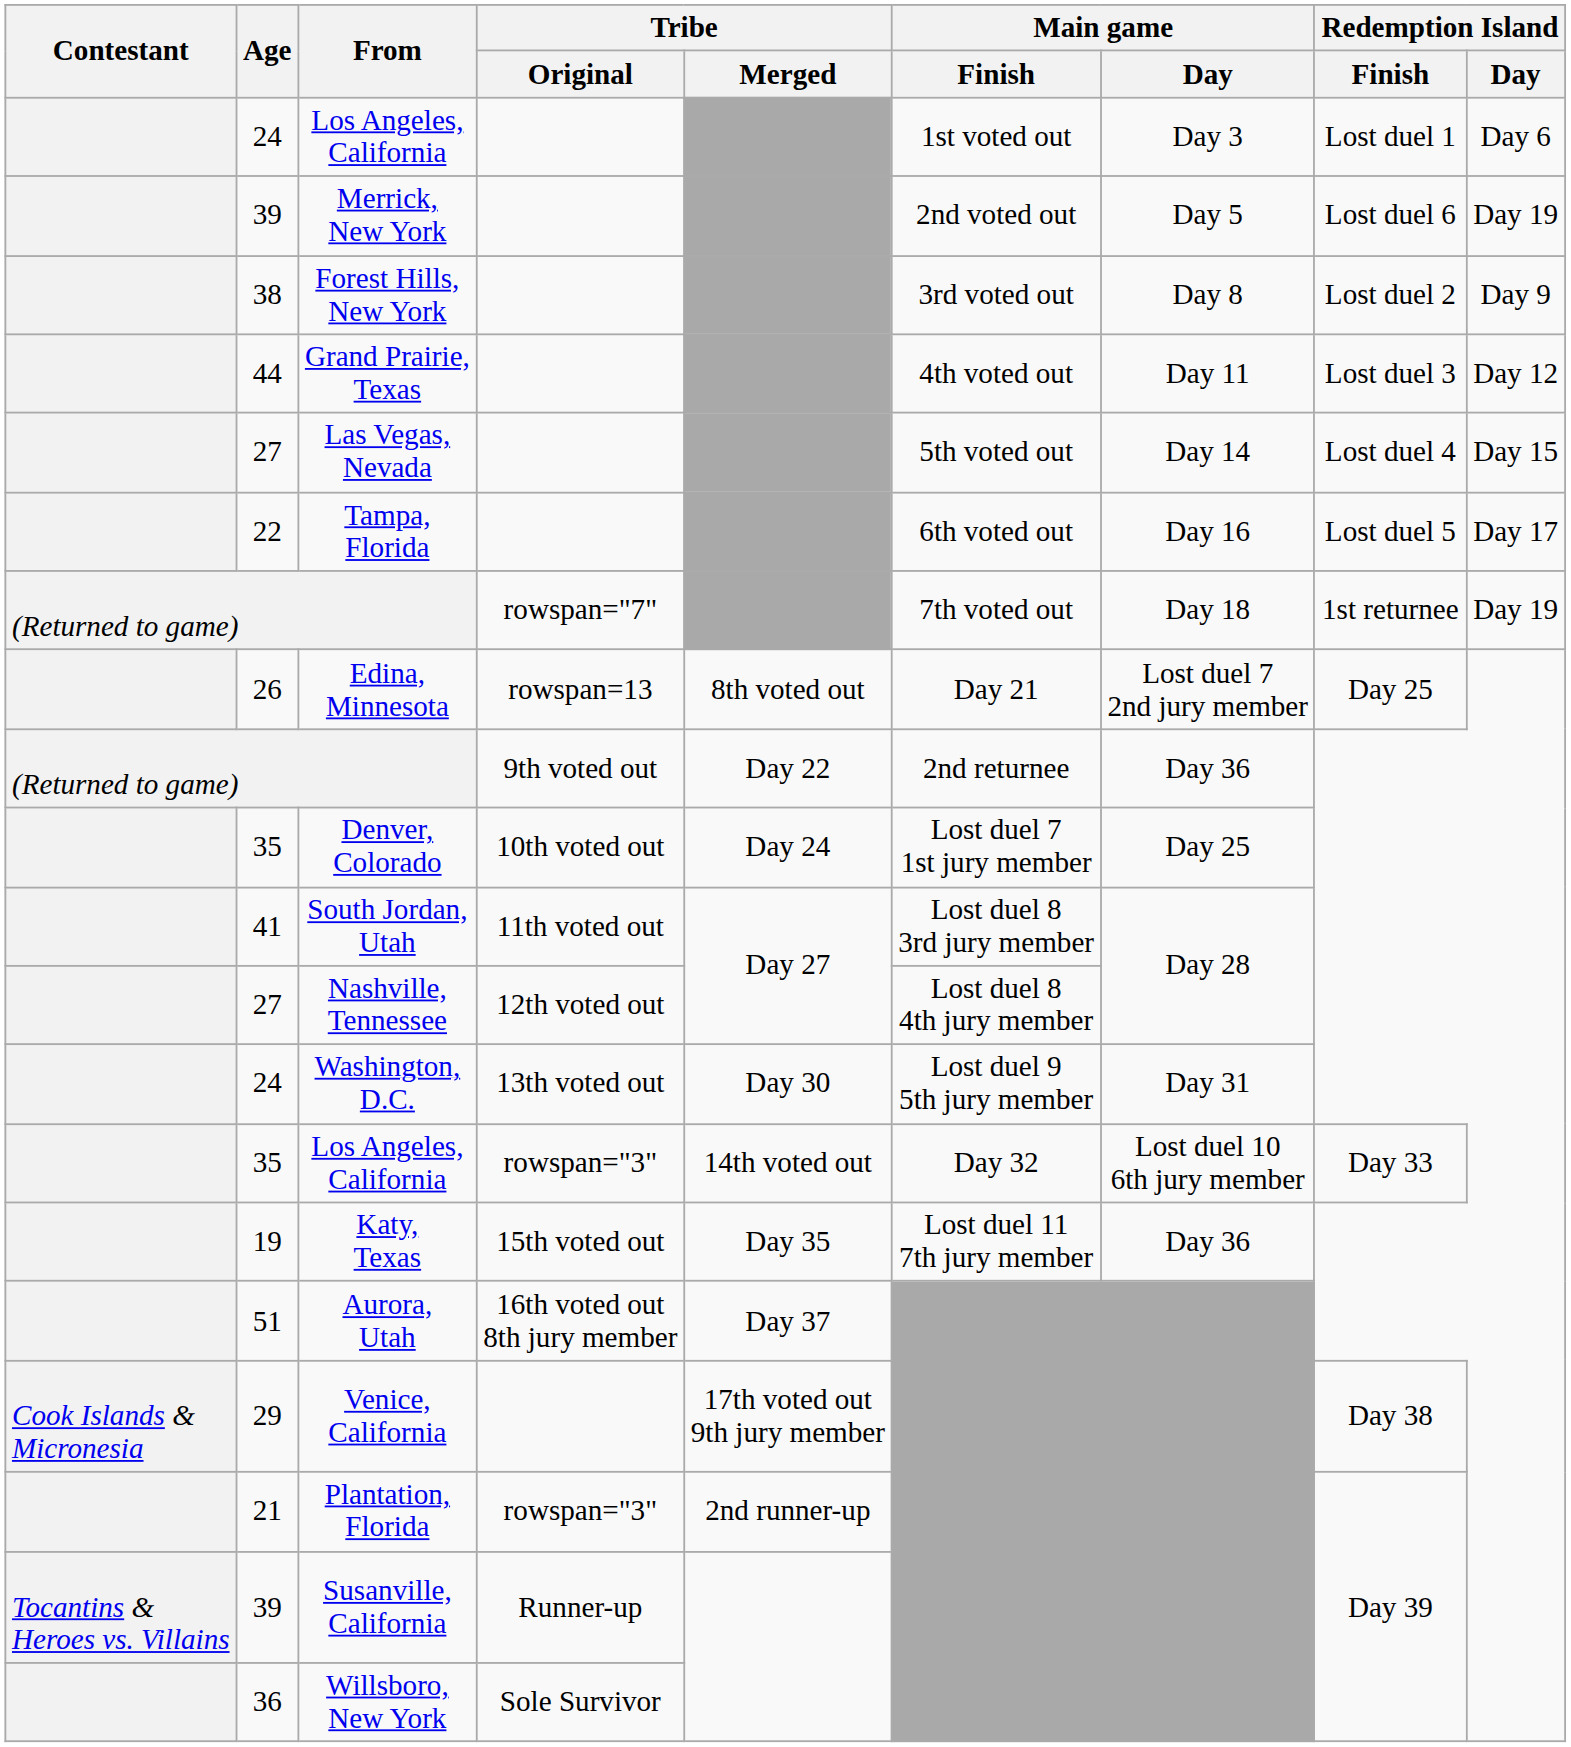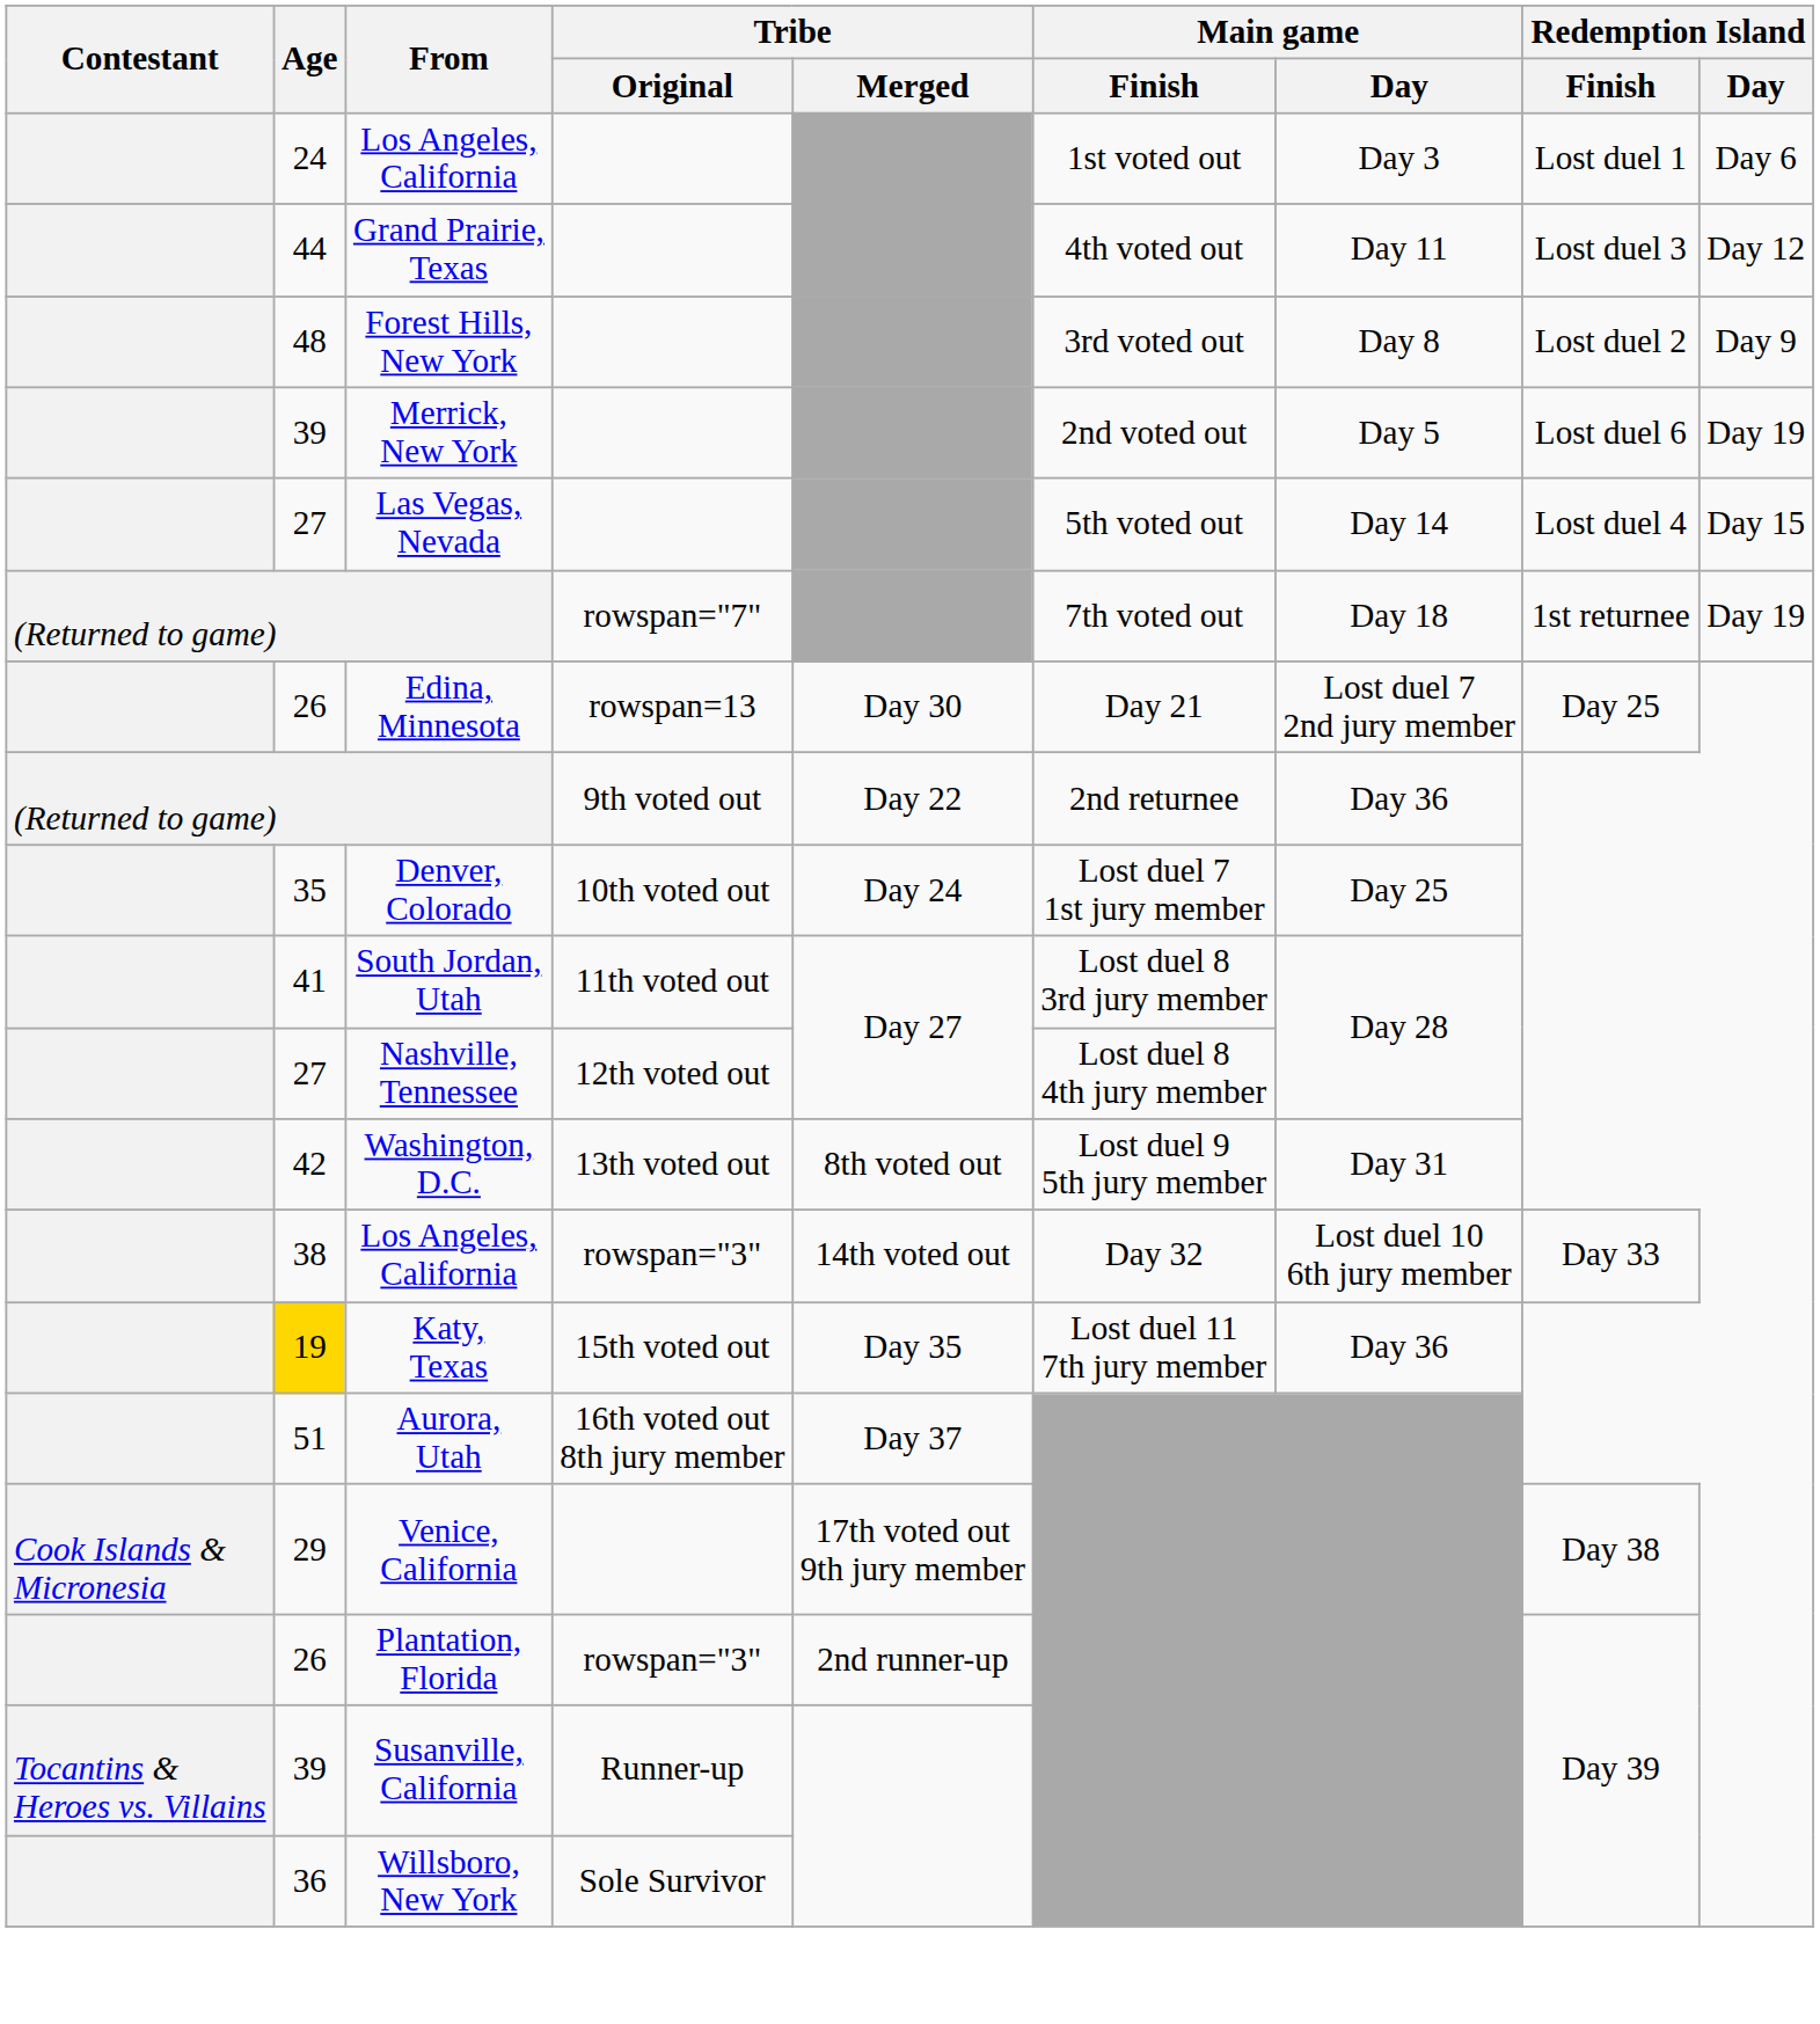 <table class="wikitable sortable" style="margin:auto; text-align:center">
 <tr>
 <th rowspan="2" scope="col">Contestant</th>
 <th rowspan="2" scope="col">Age</th>
 <th rowspan="2" scope="col" class=unsortable>From</th>
 <th colspan="2" scope="colgroup">Tribe</th>
 <th colspan="2" scope="colgroup">Main game</th>
 <th colspan="2" scope="col" class="unsortable">Redemption Island</th>
 </tr>
 <tr>
 <th scope="col">Original</th>
 <th scope="col" class=unsortable>Merged</th>
 <th scope="col" class=unsortable>Finish</th>
 <th scope="col" class=unsortable>Day</th>
 <th scope="col" class=unsortable>Finish</th>
 <th scope="col" class=unsortable>Day</th>
 </tr>
 <tr>
 <th scope="row" style="text-align:left"></th>
 <td>24</td>
 <td><a href='#'>Los Angeles,<br>California</a></td>
 <td></td>
 <td bgcolor="darkgray"></td>
 <td>1st voted out</td>
 <td>Day 3</td>
 <td>Lost duel 1</td>
 <td>Day 6</td>
 </tr>
 <tr>
 <th scope="row" style="text-align:left"></th>
+<td>44</td>
+<td><a href='#'>Grand Prairie,<br>Texas</a></td>
+<td></td>
+<td bgcolor="darkgray"></td>
+<td>4th voted out</td>
+<td>Day 11</td>
+<td>Lost duel 3</td>
+<td>Day 12</td>
+</tr>
+<tr>
+<th scope="row" style="text-align:left"></th>
+<td>48</td>
+<td><a href='#'>Forest Hills,<br>New York</a></td>
+<td></td>
+<td bgcolor="darkgray"></td>
+<td>3rd voted out</td>
+<td>Day 8</td>
+<td>Lost duel 2</td>
+<td>Day 9</td>
+</tr>
+<tr>
+<th scope="row" style="text-align:left"></th>
 <td>39</td>
 <td><a href='#'>Merrick,<br>New York</a></td>
 <td></td>
 <td bgcolor="darkgray"></td>
 <td>2nd voted out</td>
 <td>Day 5</td>
 <td>Lost duel 6</td>
 <td>Day 19</td>
 </tr>
 <tr>
 <th scope="row" style="text-align:left"></th>
-<td>38</td>
-<td><a href='#'>Forest Hills,<br>New York</a></td>
-<td></td>
-<td bgcolor="darkgray"></td>
-<td>3rd voted out</td>
-<td>Day 8</td>
-<td>Lost duel 2</td>
-<td>Day 9</td>
-</tr>
-<tr>
-<th scope="row" style="text-align:left"></th>
-<td>44</td>
-<td><a href='#'>Grand Prairie,<br>Texas</a></td>
-<td></td>
-<td bgcolor="darkgray"></td>
-<td>4th voted out</td>
-<td>Day 11</td>
-<td>Lost duel 3</td>
-<td>Day 12</td>
-</tr>
-<tr>
-<th scope="row" style="text-align:left"></th>
 <td>27</td>
 <td><a href='#'>Las Vegas,<br>Nevada</a></td>
 <td></td>
 <td bgcolor="darkgray"></td>
 <td>5th voted out</td>
 <td>Day 14</td>
 <td>Lost duel 4</td>
 <td>Day 15</td>
-</tr>
-<tr>
-<th scope="row" style="text-align:left"></th>
-<td>22</td>
-<td><a href='#'>Tampa,<br>Florida</a></td>
-<td></td>
-<td bgcolor="darkgray"></td>
-<td>6th voted out</td>
-<td>Day 16</td>
-<td>Lost duel 5</td>
-<td>Day 17</td>
 </tr>
 <tr>
 <th colspan="3" scope="row" style="text-align:left;font-weight:normal"><em></em><br><em>(Returned to game)</em></th>
 <td>rowspan="7" </td>
 <td bgcolor="darkgray"></td>
 <td>7th voted out</td>
 <td>Day 18</td>
 <td>1st returnee</td>
 <td>Day 19</td>
 </tr>
 <tr>
 <th scope="row" style="text-align:left"></th>
 <td>26</td>
 <td><a href='#'>Edina,<br>Minnesota</a></td>
 <td>rowspan=13 </td>
-<td>8th voted out</td>
+<td>Day 30</td>
 <td>Day 21</td>
 <td>Lost duel 7<br>2nd jury member</td>
 <td>Day 25</td>
 </tr>
 <tr>
 <th colspan="3" scope="row" style="text-align:left;font-weight:normal"><em></em><br><em>(Returned to game)</em></th>
 <td>9th voted out</td>
 <td>Day 22</td>
 <td>2nd returnee</td>
 <td>Day 36</td>
 </tr>
 <tr>
 <th scope="row" style="text-align:left"></th>
 <td>35</td>
 <td><a href='#'>Denver,<br>Colorado</a></td>
 <td>10th voted out</td>
 <td>Day 24</td>
 <td>Lost duel 7<br>1st jury member</td>
 <td>Day 25</td>
 </tr>
 <tr>
 <th scope="row" style="text-align:left"></th>
 <td>41</td>
 <td><a href='#'>South Jordan,<br>Utah</a></td>
 <td>11th voted out</td>
 <td rowspan="2">Day 27</td>
 <td>Lost duel 8<br>3rd jury member</td>
 <td rowspan="2">Day 28</td>
 </tr>
 <tr>
 <th scope="row" style="text-align:left"></th>
 <td>27</td>
 <td><a href='#'>Nashville,<br>Tennessee</a></td>
 <td>12th voted out</td>
 <td>Lost duel 8<br>4th jury member</td>
 </tr>
 <tr>
 <th scope="row" style="text-align:left"></th>
-<td>24</td>
+<td>42</td>
 <td><a href='#'>Washington,<br>D.C.</a></td>
 <td>13th voted out</td>
-<td>Day 30</td>
+<td>8th voted out</td>
 <td>Lost duel 9<br>5th jury member</td>
 <td>Day 31</td>
 </tr>
 <tr>
 <th scope="row" style="text-align:left"></th>
-<td>35</td>
+<td>38</td>
 <td><a href='#'>Los Angeles,<br>California</a></td>
 <td>rowspan="3" </td>
 <td>14th voted out</td>
 <td>Day 32</td>
 <td>Lost duel 10<br>6th jury member</td>
 <td>Day 33</td>
 </tr>
 <tr>
 <th scope="row" style="text-align:left"></th>
-<td>19</td>
+<td style="background: gold;">19</td>
 <td><a href='#'>Katy,<br>Texas</a></td>
 <td>15th voted out</td>
 <td>Day 35</td>
 <td>Lost duel 11<br>7th jury member</td>
 <td>Day 36</td>
 </tr>
 <tr>
 <th scope="row" style="text-align:left"></th>
 <td>51</td>
 <td><a href='#'>Aurora,<br>Utah</a></td>
 <td>16th voted out<br>8th jury member</td>
 <td>Day 37</td>
 <td colspan="2" rowspan="5" bgcolor="darkgray"></td>
 </tr>
 <tr>
 <th scope="row" style="text-align:left;font-weight:normal"><strong></strong><br><em><a href='#'>Cook Islands</a> &<br><a href='#'>Micronesia</a></em></th>
 <td>29</td>
 <td><a href='#'>Venice,<br>California</a></td>
 <td></td>
 <td>17th voted out<br>9th jury member</td>
 <td>Day 38</td>
 </tr>
 <tr>
 <th scope="row" style="text-align:left"></th>
-<td>21</td>
+<td>26</td>
 <td><a href='#'>Plantation,<br>Florida</a></td>
 <td>rowspan="3" </td>
 <td>2nd runner-up</td>
 <td rowspan="3">Day 39</td>
 </tr>
 <tr>
 <th scope="row" style="text-align:left;font-weight:normal"><strong></strong><br><em><a href='#'>Tocantins</a> &<br><a href='#'>Heroes vs. Villains</a></em></th>
 <td>39</td>
 <td><a href='#'>Susanville,<br>California</a></td>
 <td>Runner-up</td>
 </tr>
 <tr>
 <th scope="row" style="text-align:left"></th>
 <td>36</td>
 <td><a href='#'>Willsboro,<br>New York</a></td>
 <td>Sole Survivor</td>
 </tr>
 </table>
